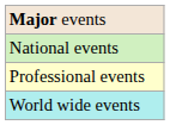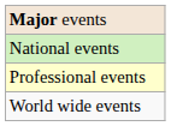 <table class="wikitable" style="font-size:95%;" width=11%>
 <tr style="background:#f3e6d7;">
 <td><strong>Major</strong> events</td>
 </tr>
 <tr style="background:#d0f0c0">
 <td>National events</td>
 </tr>
 <tr style="background:#ffc;">
 <td>Professional events</td>
 </tr>
 <tr>
-<td style="background: paleturquoise;">World wide events</td>
+<td>World wide events</td>
 </tr>
 </table>
